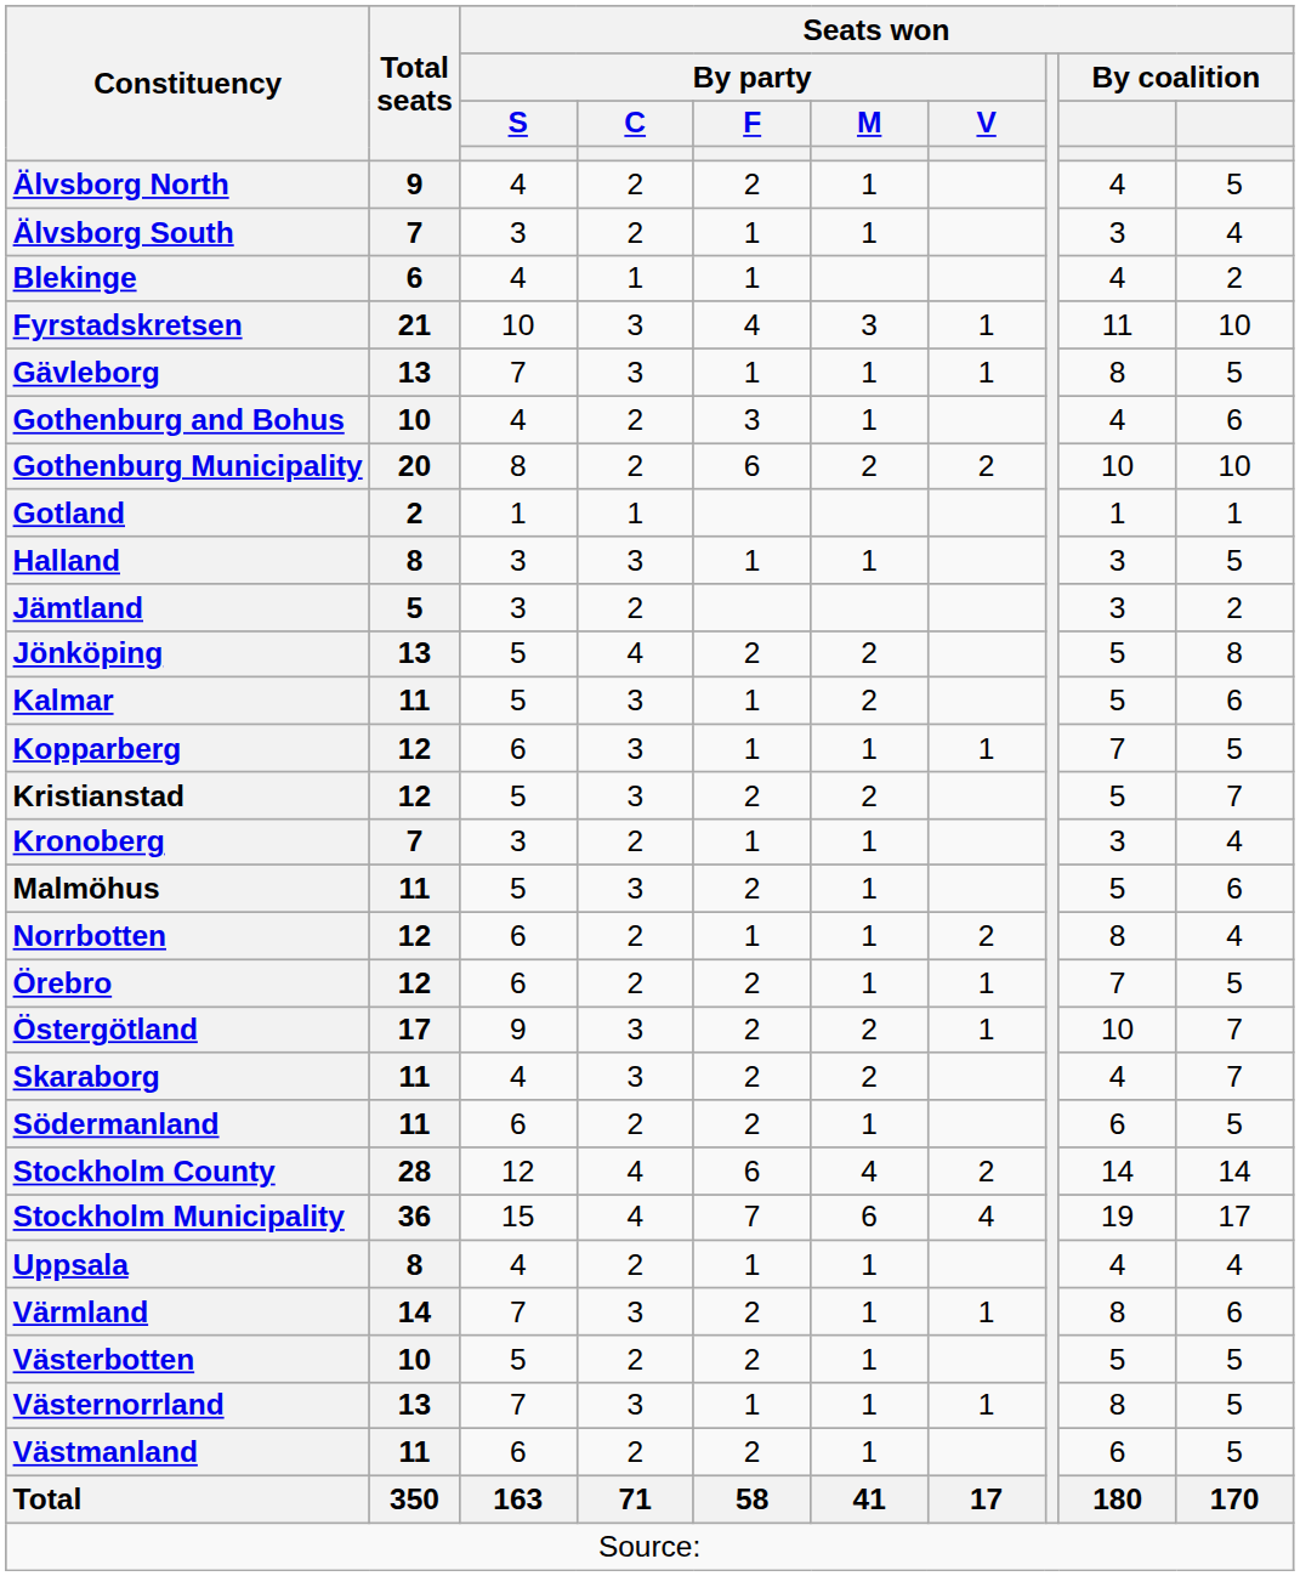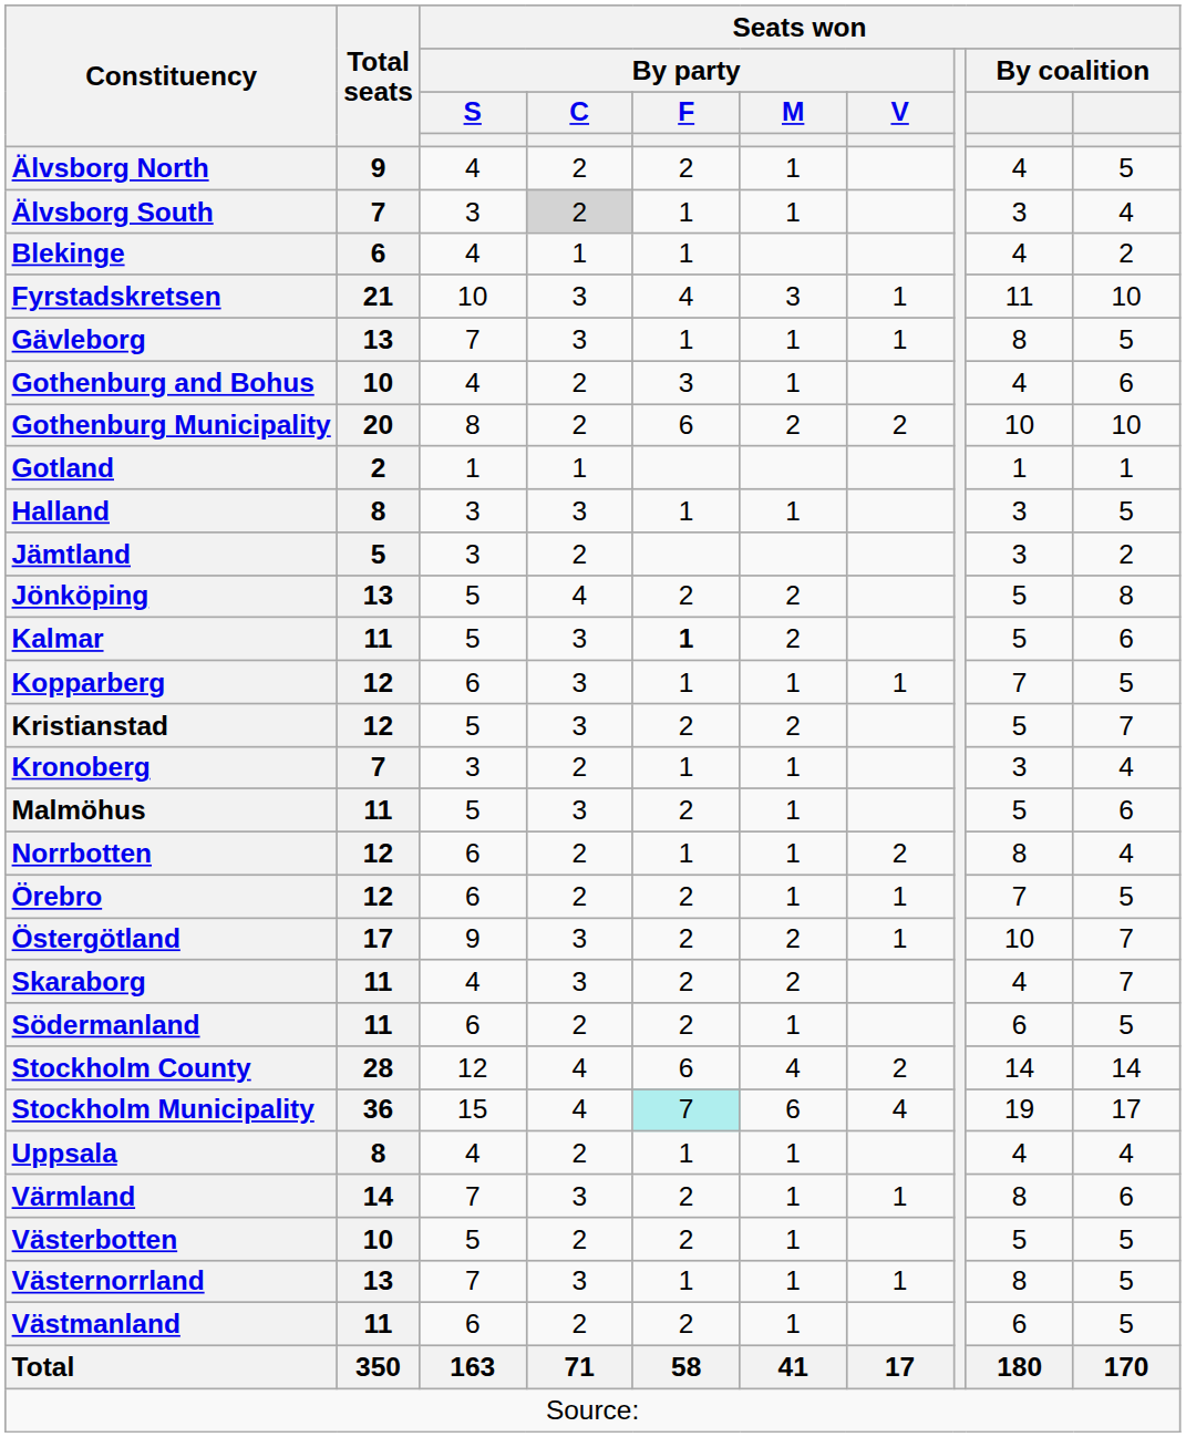 <table class="wikitable" style="text-align:center; font-size: 0.9em;">
 <tr>
 <th rowspan="4">Constituency</th>
 <th rowspan="4">Total<br>seats</th>
 <th colspan="8">Seats won</th>
 </tr>
 <tr>
 <th colspan="5">By party</th>
 <th rowspan="32"></th>
 <th colspan="2">By coalition</th>
 </tr>
 <tr>
 <th class="unsortable" style="width:50px;"><a href='#'>S</a></th>
 <th class="unsortable" style="width:50px;"><a href='#'>C</a></th>
 <th class="unsortable" style="width:50px;"><a href='#'>F</a></th>
 <th class="unsortable" style="width:50px;"><a href='#'>M</a></th>
 <th class="unsortable" style="width:50px;"><a href='#'>V</a></th>
 <th class="unsortable" style="width:50px;"></th>
 <th class="unsortable" style="width:50px;"></th>
 </tr>
 <tr>
 <th style="background:"></th>
 <th style="background:"></th>
 <th style="background:"></th>
 <th style="background:"></th>
 <th style="background:"></th>
 <th style="background:"></th>
 <th style="background:"></th>
 </tr>
 <tr>
 <th style="text-align: left;"><a href='#'>Älvsborg North</a></th>
 <th>9</th>
 <td>4</td>
 <td>2</td>
 <td>2</td>
 <td>1</td>
 <td></td>
 <td>4</td>
 <td>5</td>
 </tr>
 <tr>
 <th style="text-align: left;"><a href='#'>Älvsborg South</a></th>
 <th>7</th>
 <td>3</td>
-<td>2</td>
+<td style="background: lightgrey;">2</td>
 <td>1</td>
 <td>1</td>
 <td></td>
 <td>3</td>
 <td>4</td>
 </tr>
 <tr>
 <th style="text-align: left;"><a href='#'>Blekinge</a></th>
 <th>6</th>
 <td>4</td>
 <td>1</td>
 <td>1</td>
 <td></td>
 <td></td>
 <td>4</td>
 <td>2</td>
 </tr>
 <tr>
 <th style="text-align: left;"><a href='#'>Fyrstadskretsen</a></th>
 <th>21</th>
 <td>10</td>
 <td>3</td>
 <td>4</td>
 <td>3</td>
 <td>1</td>
 <td>11</td>
 <td>10</td>
 </tr>
 <tr>
 <th style="text-align: left;"><a href='#'>Gävleborg</a></th>
 <th>13</th>
 <td>7</td>
 <td>3</td>
 <td>1</td>
 <td>1</td>
 <td>1</td>
 <td>8</td>
 <td>5</td>
 </tr>
 <tr>
 <th style="text-align: left;"><a href='#'>Gothenburg and Bohus</a></th>
 <th>10</th>
 <td>4</td>
 <td>2</td>
 <td>3</td>
 <td>1</td>
 <td></td>
 <td>4</td>
 <td>6</td>
 </tr>
 <tr>
 <th style="text-align: left;"><a href='#'>Gothenburg Municipality</a></th>
 <th>20</th>
 <td>8</td>
 <td>2</td>
 <td>6</td>
 <td>2</td>
 <td>2</td>
 <td>10</td>
 <td>10</td>
 </tr>
 <tr>
 <th style="text-align: left;"><a href='#'>Gotland</a></th>
 <th>2</th>
 <td>1</td>
 <td>1</td>
 <td></td>
 <td></td>
 <td></td>
 <td>1</td>
 <td>1</td>
 </tr>
 <tr>
 <th style="text-align: left;"><a href='#'>Halland</a></th>
 <th>8</th>
 <td>3</td>
 <td>3</td>
 <td>1</td>
 <td>1</td>
 <td></td>
 <td>3</td>
 <td>5</td>
 </tr>
 <tr>
 <th style="text-align: left;"><a href='#'>Jämtland</a></th>
 <th>5</th>
 <td>3</td>
 <td>2</td>
 <td></td>
 <td></td>
 <td></td>
 <td>3</td>
 <td>2</td>
 </tr>
 <tr>
 <th style="text-align: left;"><a href='#'>Jönköping</a></th>
 <th>13</th>
 <td>5</td>
 <td>4</td>
 <td>2</td>
 <td>2</td>
 <td></td>
 <td>5</td>
 <td>8</td>
 </tr>
 <tr>
 <th style="text-align: left;"><a href='#'>Kalmar</a></th>
 <th>11</th>
 <td>5</td>
 <td>3</td>
-<td>1</td>
+<td><strong>1</strong></td>
 <td>2</td>
 <td></td>
 <td>5</td>
 <td>6</td>
 </tr>
 <tr>
 <th style="text-align: left;"><a href='#'>Kopparberg</a></th>
 <th>12</th>
 <td>6</td>
 <td>3</td>
 <td>1</td>
 <td>1</td>
 <td>1</td>
 <td>7</td>
 <td>5</td>
 </tr>
 <tr>
 <th style="text-align: left;">Kristianstad</th>
 <th>12</th>
 <td>5</td>
 <td>3</td>
 <td>2</td>
 <td>2</td>
 <td></td>
 <td>5</td>
 <td>7</td>
 </tr>
 <tr>
 <th style="text-align: left;"><a href='#'>Kronoberg</a></th>
 <th>7</th>
 <td>3</td>
 <td>2</td>
 <td>1</td>
 <td>1</td>
 <td></td>
 <td>3</td>
 <td>4</td>
 </tr>
 <tr>
 <th style="text-align: left;">Malmöhus</th>
 <th>11</th>
 <td>5</td>
 <td>3</td>
 <td>2</td>
 <td>1</td>
 <td></td>
 <td>5</td>
 <td>6</td>
 </tr>
 <tr>
 <th style="text-align: left;"><a href='#'>Norrbotten</a></th>
 <th>12</th>
 <td>6</td>
 <td>2</td>
 <td>1</td>
 <td>1</td>
 <td>2</td>
 <td>8</td>
 <td>4</td>
 </tr>
 <tr>
 <th style="text-align: left;"><a href='#'>Örebro</a></th>
 <th>12</th>
 <td>6</td>
 <td>2</td>
 <td>2</td>
 <td>1</td>
 <td>1</td>
 <td>7</td>
 <td>5</td>
 </tr>
 <tr>
 <th style="text-align: left;"><a href='#'>Östergötland</a></th>
 <th>17</th>
 <td>9</td>
 <td>3</td>
 <td>2</td>
 <td>2</td>
 <td>1</td>
 <td>10</td>
 <td>7</td>
 </tr>
 <tr>
 <th style="text-align: left;"><a href='#'>Skaraborg</a></th>
 <th>11</th>
 <td>4</td>
 <td>3</td>
 <td>2</td>
 <td>2</td>
 <td></td>
 <td>4</td>
 <td>7</td>
 </tr>
 <tr>
 <th style="text-align: left;"><a href='#'>Södermanland</a></th>
 <th>11</th>
 <td>6</td>
 <td>2</td>
 <td>2</td>
 <td>1</td>
 <td></td>
 <td>6</td>
 <td>5</td>
 </tr>
 <tr>
 <th style="text-align: left;"><a href='#'>Stockholm County</a></th>
 <th>28</th>
 <td>12</td>
 <td>4</td>
 <td>6</td>
 <td>4</td>
 <td>2</td>
 <td>14</td>
 <td>14</td>
 </tr>
 <tr>
 <th style="text-align: left;"><a href='#'>Stockholm Municipality</a></th>
 <th>36</th>
 <td>15</td>
 <td>4</td>
-<td>7</td>
+<td style="background: paleturquoise;">7</td>
 <td>6</td>
 <td>4</td>
 <td>19</td>
 <td>17</td>
 </tr>
 <tr>
 <th style="text-align: left;"><a href='#'>Uppsala</a></th>
 <th>8</th>
 <td>4</td>
 <td>2</td>
 <td>1</td>
 <td>1</td>
 <td></td>
 <td>4</td>
 <td>4</td>
 </tr>
 <tr>
 <th style="text-align: left;"><a href='#'>Värmland</a></th>
 <th>14</th>
 <td>7</td>
 <td>3</td>
 <td>2</td>
 <td>1</td>
 <td>1</td>
 <td>8</td>
 <td>6</td>
 </tr>
 <tr>
 <th style="text-align: left;"><a href='#'>Västerbotten</a></th>
 <th>10</th>
 <td>5</td>
 <td>2</td>
 <td>2</td>
 <td>1</td>
 <td></td>
 <td>5</td>
 <td>5</td>
 </tr>
 <tr>
 <th style="text-align: left;"><a href='#'>Västernorrland</a></th>
 <th>13</th>
 <td>7</td>
 <td>3</td>
 <td>1</td>
 <td>1</td>
 <td>1</td>
 <td>8</td>
 <td>5</td>
 </tr>
 <tr>
 <th style="text-align: left;"><a href='#'>Västmanland</a></th>
 <th>11</th>
 <td>6</td>
 <td>2</td>
 <td>2</td>
 <td>1</td>
 <td></td>
 <td>6</td>
 <td>5</td>
 </tr>
 <tr>
 <th style="text-align: left;">Total</th>
 <th>350</th>
 <th>163</th>
 <th>71</th>
 <th>58</th>
 <th>41</th>
 <th>17</th>
 <th>180</th>
 <th>170</th>
 </tr>
 <tr>
 <td colspan="10">Source: </td>
 </tr>
 </table>
